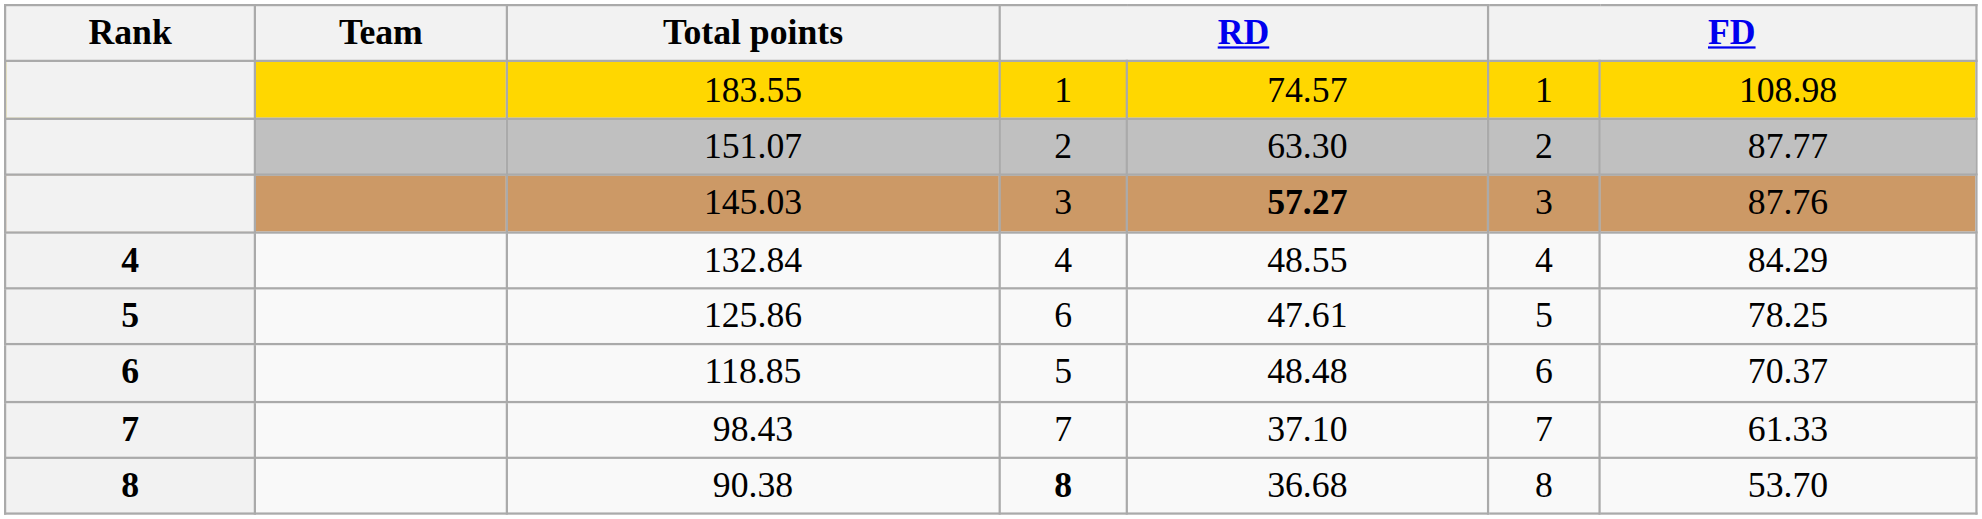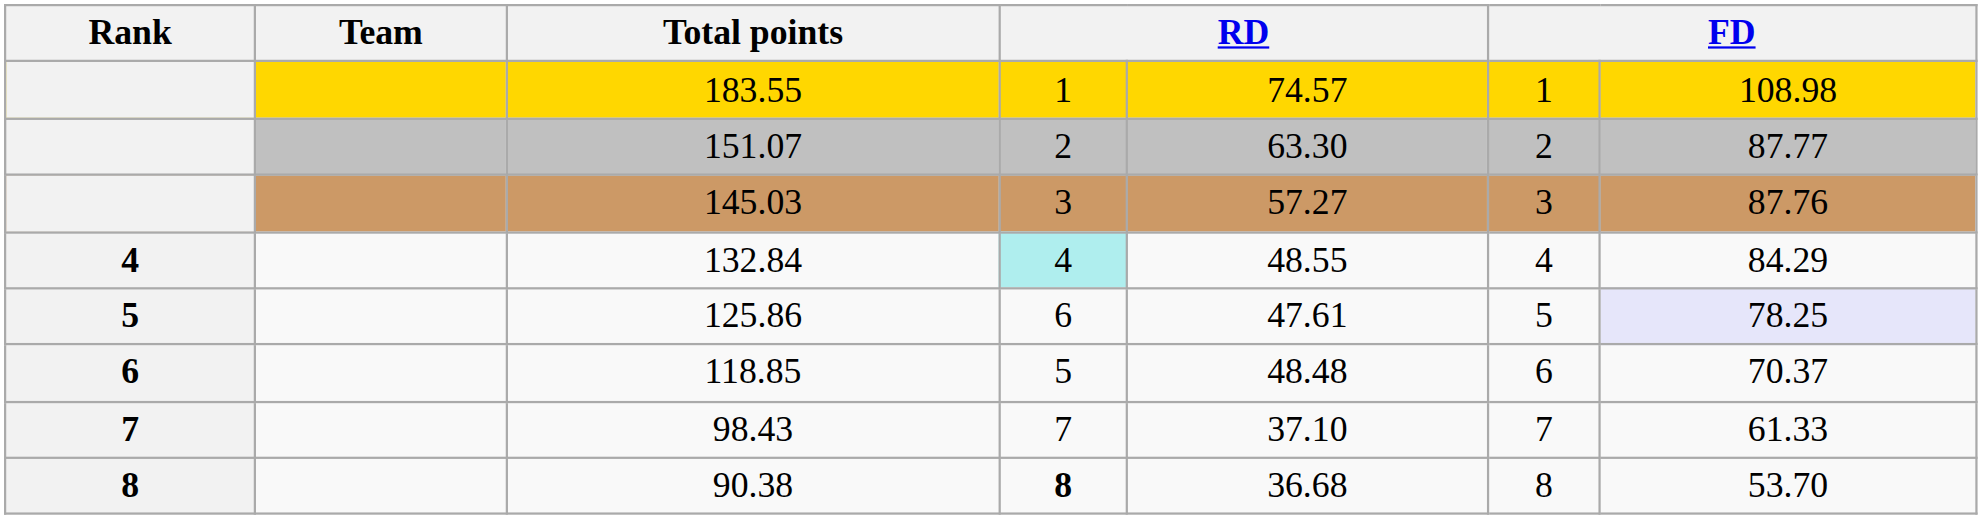 <table class="wikitable sortable" style="text-align:center;" width="70%">
 <tr>
 <th scope="col">Rank</th>
 <th scope="col">Team</th>
 <th scope="col">Total points</th>
 <th scope="col" colspan="2" width="80px"><a href='#'>RD</a></th>
 <th scope="col" colspan="2" width="80px"><a href='#'>FD</a></th>
 </tr>
 <tr bgcolor="gold">
 <th scope="row"></th>
 <td align="left"></td>
 <td>183.55</td>
 <td>1</td>
 <td>74.57</td>
 <td>1</td>
 <td>108.98</td>
 </tr>
 <tr bgcolor="silver">
 <th scope="row"></th>
 <td align="left"></td>
 <td>151.07</td>
 <td>2</td>
 <td>63.30</td>
 <td>2</td>
 <td>87.77</td>
 </tr>
 <tr bgcolor="cc9966">
 <th scope="row"></th>
 <td align="left"></td>
 <td>145.03</td>
 <td>3</td>
-<td><strong>57.27</strong></td>
+<td>57.27</td>
 <td>3</td>
 <td>87.76</td>
 </tr>
 <tr>
 <th scope="row">4</th>
 <td align="left"></td>
 <td>132.84</td>
-<td>4</td>
+<td style="background: paleturquoise;">4</td>
 <td>48.55</td>
 <td>4</td>
 <td>84.29</td>
 </tr>
 <tr>
 <th scope="row">5</th>
 <td align="left"></td>
 <td>125.86</td>
 <td>6</td>
 <td>47.61</td>
 <td>5</td>
-<td>78.25</td>
+<td style="background: lavender;">78.25</td>
 </tr>
 <tr>
 <th scope="row">6</th>
 <td align="left"></td>
 <td>118.85</td>
 <td>5</td>
 <td>48.48</td>
 <td>6</td>
 <td>70.37</td>
 </tr>
 <tr>
 <th scope="row">7</th>
 <td align="left"></td>
 <td>98.43</td>
 <td>7</td>
 <td>37.10</td>
 <td>7</td>
 <td>61.33</td>
 </tr>
 <tr>
 <th scope="row">8</th>
 <td align="left"></td>
 <td>90.38</td>
 <td><strong>8</strong></td>
 <td>36.68</td>
 <td>8</td>
 <td>53.70</td>
 </tr>
 </table>
